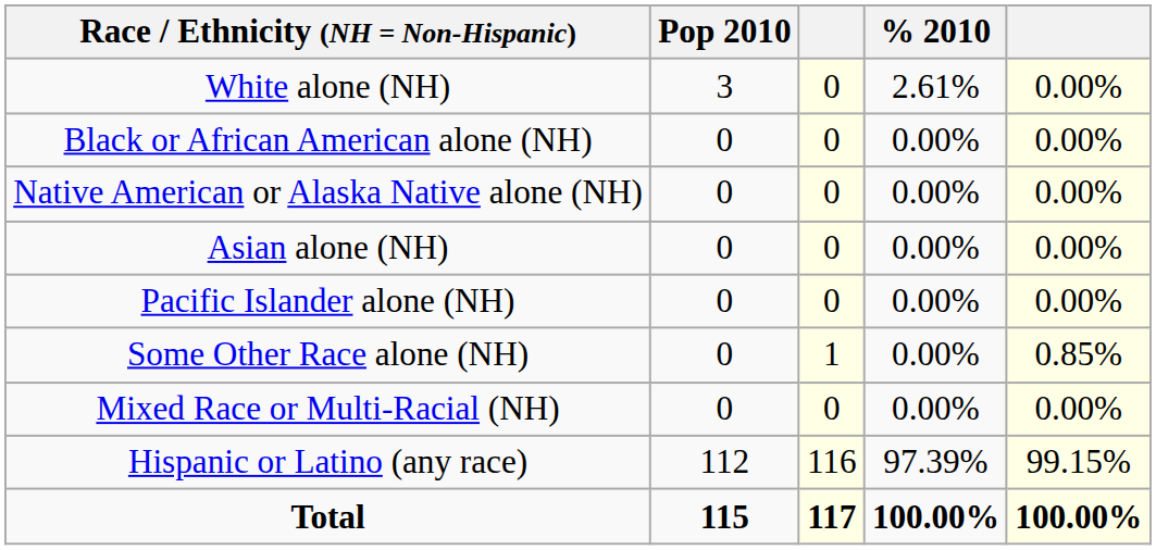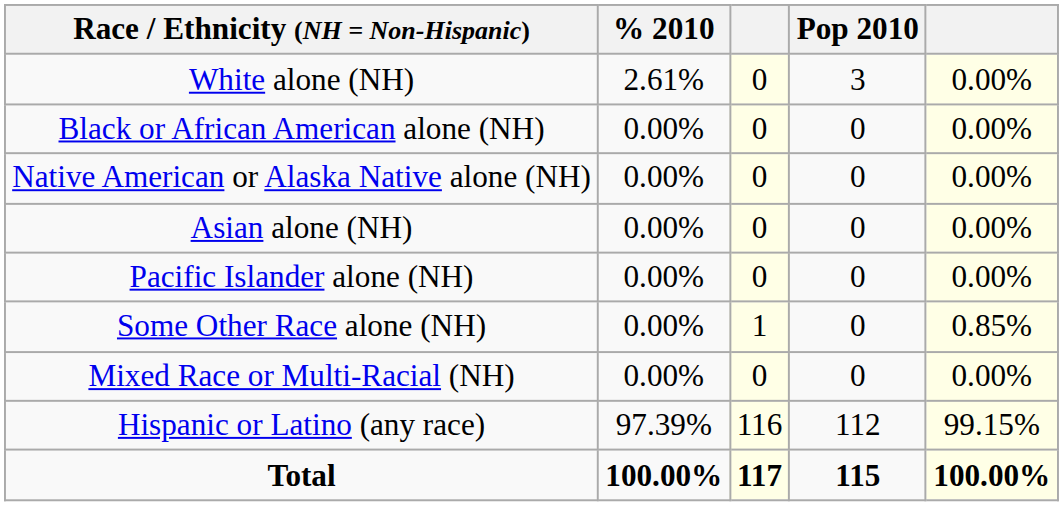 <table class="wikitable" style="text-align:center;">
 <tr>
 <th>Race / Ethnicity <small>(<em>NH = Non-Hispanic</em>)</small></th>
+<th>% 2010</th>
+<th></th>
 <th>Pop 2010</th>
-<th></th>
-<th>% 2010</th>
 <th></th>
 </tr>
 <tr>
 <td><a href='#'>White</a> alone (NH)</td>
+<td>2.61%</td>
+<td style='background: #ffffe6;'>0</td>
 <td>3</td>
-<td style='background: #ffffe6;'>0</td>
-<td>2.61%</td>
 <td style='background: #ffffe6;'>0.00%</td>
 </tr>
 <tr>
 <td><a href='#'>Black or African American</a> alone (NH)</td>
+<td>0.00%</td>
+<td style='background: #ffffe6;'>0</td>
 <td>0</td>
-<td style='background: #ffffe6;'>0</td>
-<td>0.00%</td>
 <td style='background: #ffffe6;'>0.00%</td>
 </tr>
 <tr>
 <td><a href='#'>Native American</a> or <a href='#'>Alaska Native</a> alone (NH)</td>
+<td>0.00%</td>
+<td style='background: #ffffe6;'>0</td>
 <td>0</td>
-<td style='background: #ffffe6;'>0</td>
-<td>0.00%</td>
 <td style='background: #ffffe6;'>0.00%</td>
 </tr>
 <tr>
 <td><a href='#'>Asian</a> alone (NH)</td>
+<td>0.00%</td>
+<td style='background: #ffffe6;'>0</td>
 <td>0</td>
-<td style='background: #ffffe6;'>0</td>
-<td>0.00%</td>
 <td style='background: #ffffe6;'>0.00%</td>
 </tr>
 <tr>
 <td><a href='#'>Pacific Islander</a> alone (NH)</td>
+<td>0.00%</td>
+<td style='background: #ffffe6;'>0</td>
 <td>0</td>
-<td style='background: #ffffe6;'>0</td>
-<td>0.00%</td>
 <td style='background: #ffffe6;'>0.00%</td>
 </tr>
 <tr>
 <td><a href='#'>Some Other Race</a> alone (NH)</td>
+<td>0.00%</td>
+<td style='background: #ffffe6;'>1</td>
 <td>0</td>
-<td style='background: #ffffe6;'>1</td>
-<td>0.00%</td>
 <td style='background: #ffffe6;'>0.85%</td>
 </tr>
 <tr>
 <td><a href='#'>Mixed Race or Multi-Racial</a> (NH)</td>
+<td>0.00%</td>
+<td style='background: #ffffe6;'>0</td>
 <td>0</td>
-<td style='background: #ffffe6;'>0</td>
-<td>0.00%</td>
 <td style='background: #ffffe6;'>0.00%</td>
 </tr>
 <tr>
 <td><a href='#'>Hispanic or Latino</a> (any race)</td>
+<td>97.39%</td>
+<td style='background: #ffffe6;'>116</td>
 <td>112</td>
-<td style='background: #ffffe6;'>116</td>
-<td>97.39%</td>
 <td style='background: #ffffe6;'>99.15%</td>
 </tr>
 <tr>
 <td><strong>Total</strong></td>
+<td><strong>100.00%</strong></td>
+<td style='background: #ffffe6;'><strong>117</strong></td>
 <td><strong>115</strong></td>
-<td style='background: #ffffe6;'><strong>117</strong></td>
-<td><strong>100.00%</strong></td>
 <td style='background: #ffffe6;'><strong>100.00%</strong></td>
 </tr>
 </table>
